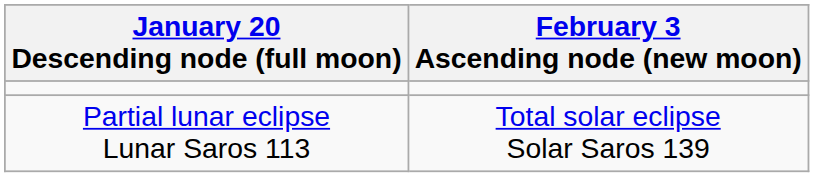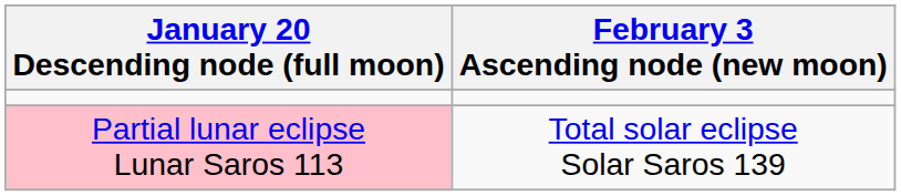 <table class="wikitable">
 <tr>
 <th><a href='#'>January 20</a><br>Descending node (full moon)</th>
 <th><a href='#'>February 3</a><br>Ascending node (new moon)</th>
 </tr>
 <tr>
 <td></td>
 <td></td>
 </tr>
 <tr align=center>
-<td><a href='#'>Partial lunar eclipse</a><br>Lunar Saros 113</td>
+<td style="background: pink;"><a href='#'>Partial lunar eclipse</a><br>Lunar Saros 113</td>
 <td><a href='#'>Total solar eclipse</a><br>Solar Saros 139</td>
 </tr>
 </table>
